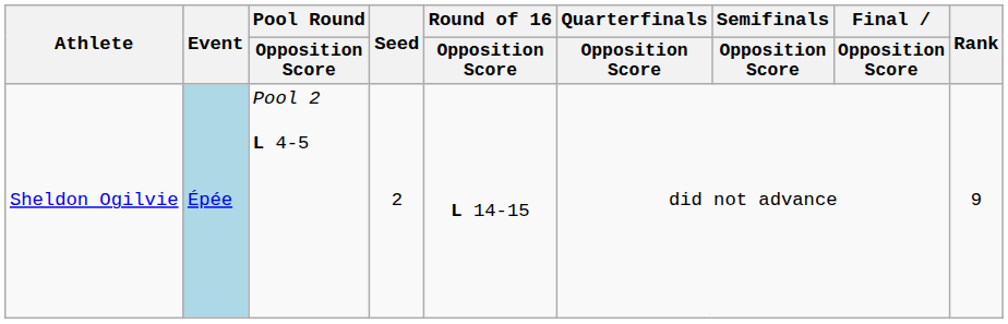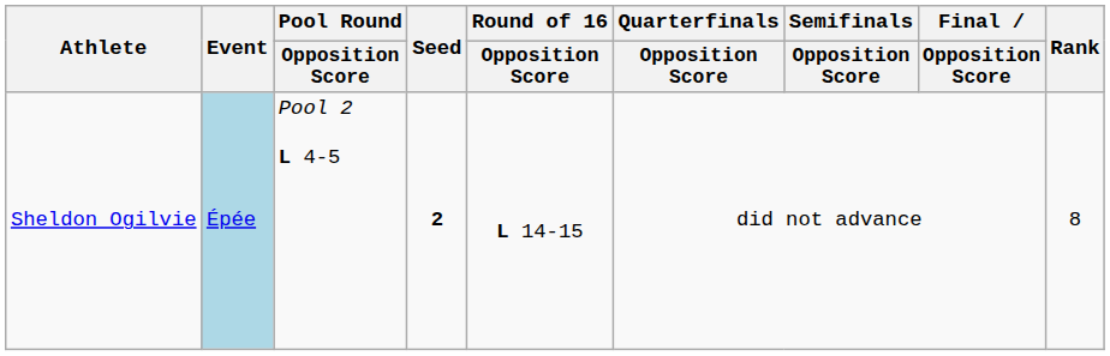 <table class=wikitable style="font-size:90%">
 <tr>
 <th rowspan="2">Athlete</th>
 <th rowspan="2">Event</th>
 <th>Pool Round</th>
 <th rowspan="2">Seed</th>
 <th>Round of 16</th>
 <th>Quarterfinals</th>
 <th>Semifinals</th>
 <th>Final / </th>
 <th rowspan=2>Rank</th>
 </tr>
 <tr style="font-size:95%">
 <th>Opposition<br>Score</th>
 <th>Opposition<br>Score</th>
 <th>Opposition<br>Score</th>
 <th>Opposition<br>Score</th>
 <th>Opposition<br>Score</th>
 </tr>
 <tr align=center>
 <td align=left><a href='#'>Sheldon Ogilvie</a></td>
 <td align=left style="background: lightblue;"><a href='#'>Épée</a></td>
 <td align=left><em>Pool 2</em><br><br><strong>L</strong> 4-5<br><br> <br><br> <br><br> <br><br></td>
-<td>2</td>
+<td><strong>2</strong></td>
 <td><br><strong>L</strong> 14-15</td>
 <td colspan=3>did not advance</td>
-<td>9</td>
+<td>8</td>
 </tr>
 </table>
